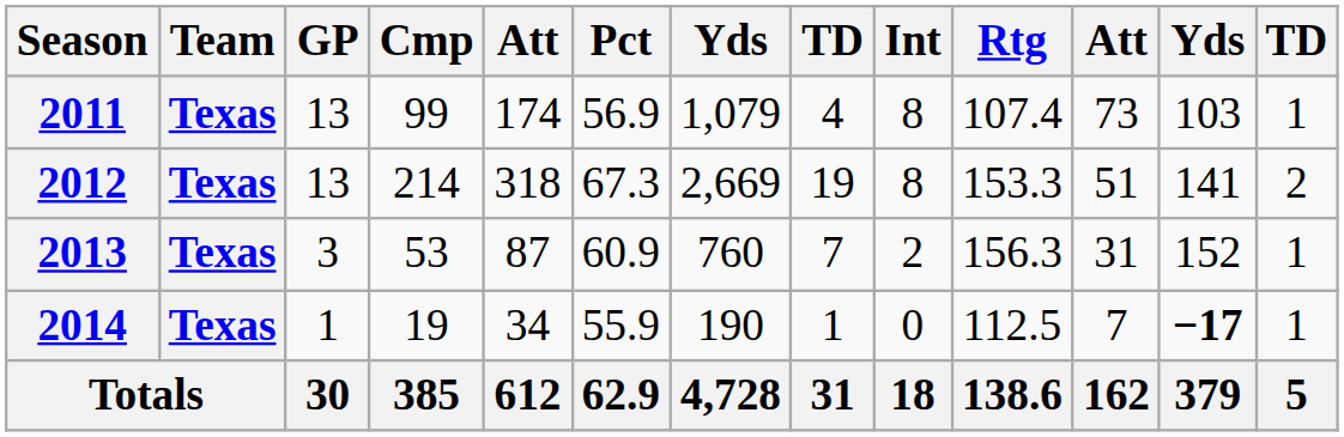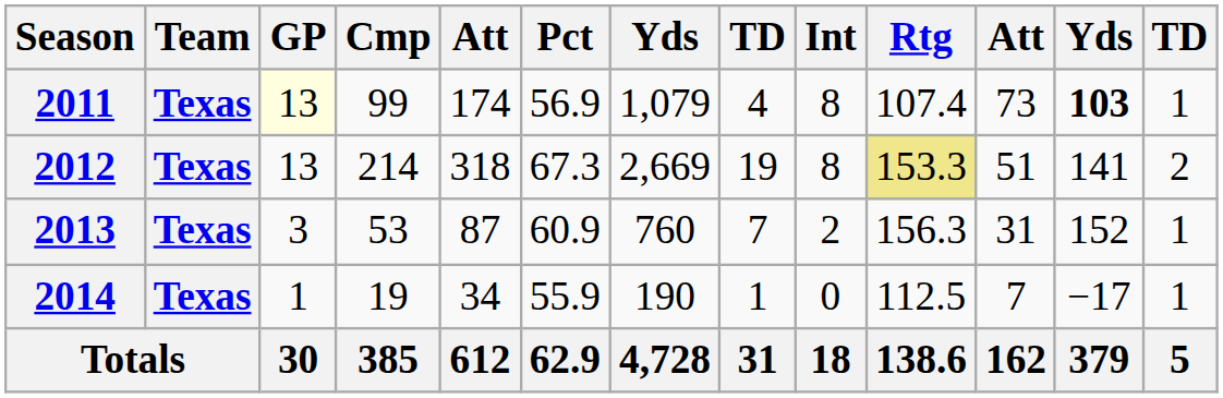 <table class="wikitable" style="text-align:center">
 <tr>
 <th>Season</th>
 <th>Team</th>
 <th>GP</th>
 <th>Cmp</th>
 <th>Att</th>
 <th>Pct</th>
 <th>Yds</th>
 <th>TD</th>
 <th>Int</th>
 <th><a href='#'>Rtg</a></th>
 <th>Att</th>
 <th>Yds</th>
 <th>TD</th>
 </tr>
 <tr>
 <th><a href='#'>2011</a></th>
 <th><a href='#'>Texas</a></th>
-<td>13</td>
+<td style="background: lightyellow;">13</td>
 <td>99</td>
 <td>174</td>
 <td>56.9</td>
 <td>1,079</td>
 <td>4</td>
 <td>8</td>
 <td>107.4</td>
 <td>73</td>
-<td>103</td>
+<td><strong>103</strong></td>
 <td>1</td>
 </tr>
 <tr>
 <th><a href='#'>2012</a></th>
 <th><a href='#'>Texas</a></th>
 <td>13</td>
 <td>214</td>
 <td>318</td>
 <td>67.3</td>
 <td>2,669</td>
 <td>19</td>
 <td>8</td>
-<td>153.3</td>
+<td style="background: khaki;">153.3</td>
 <td>51</td>
 <td>141</td>
 <td>2</td>
 </tr>
 <tr>
 <th><a href='#'>2013</a></th>
 <th><a href='#'>Texas</a></th>
 <td>3</td>
 <td>53</td>
 <td>87</td>
 <td>60.9</td>
 <td>760</td>
 <td>7</td>
 <td>2</td>
 <td>156.3</td>
 <td>31</td>
 <td>152</td>
 <td>1</td>
 </tr>
 <tr>
 <th><a href='#'>2014</a></th>
 <th><a href='#'>Texas</a></th>
 <td>1</td>
 <td>19</td>
 <td>34</td>
 <td>55.9</td>
 <td>190</td>
 <td>1</td>
 <td>0</td>
 <td>112.5</td>
 <td>7</td>
-<td><strong>−17</strong></td>
+<td>−17</td>
 <td>1</td>
 </tr>
 <tr>
 <th colspan="2">Totals</th>
 <th>30</th>
 <th>385</th>
 <th>612</th>
 <th>62.9</th>
 <th>4,728</th>
 <th>31</th>
 <th>18</th>
 <th>138.6</th>
 <th>162</th>
 <th>379</th>
 <th>5</th>
 </tr>
 </table>
